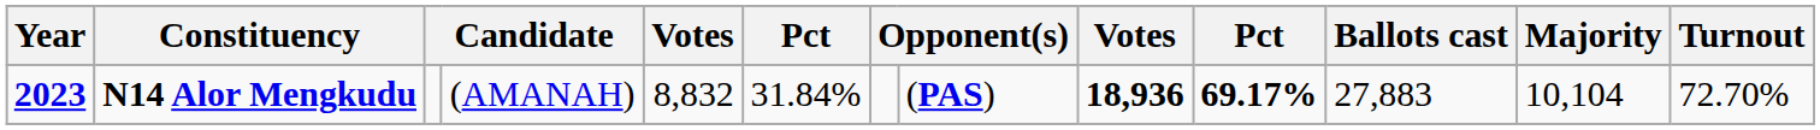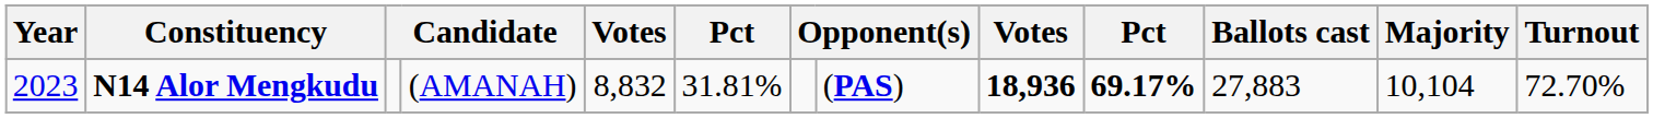 <table class="wikitable" style="margin:0.5em ; font-size:95%">
 <tr>
 <th>Year</th>
 <th>Constituency</th>
 <th colspan=2>Candidate</th>
 <th>Votes</th>
 <th>Pct</th>
 <th colspan=2>Opponent(s)</th>
 <th>Votes</th>
 <th>Pct</th>
 <th>Ballots cast</th>
 <th>Majority</th>
 <th>Turnout</th>
 </tr>
 <tr>
-<td><strong><a href='#'>2023</a></strong></td>
+<td><a href='#'>2023</a></td>
 <td><strong>N14 <a href='#'>Alor Mengkudu</a></strong></td>
 <td></td>
 <td> (<a href='#'>AMANAH</a>)</td>
 <td style="text-align:right">8,832</td>
-<td>31.84%</td>
+<td>31.81%</td>
 <td style="background:"></td>
 <td><strong></strong> (<a href='#'><strong>PAS</strong></a>)</td>
 <td style="text-align:right"><strong>18,936</strong></td>
 <td><strong>69.17%</strong></td>
 <td>27,883</td>
 <td>10,104</td>
 <td>72.70%</td>
 </tr>
 </table>
